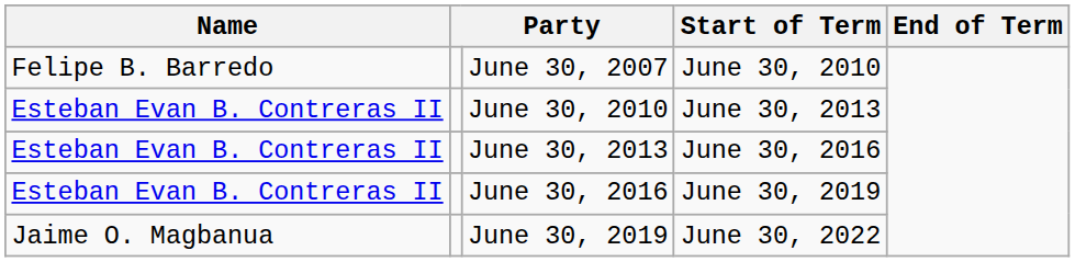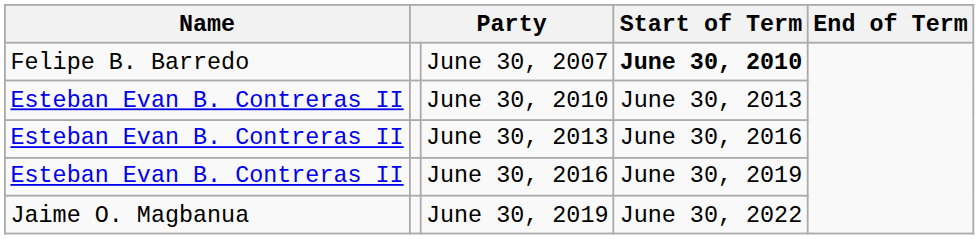 <table class=wikitable>
 <tr>
 <th>Name</th>
 <th colspan=2>Party</th>
 <th>Start of Term</th>
 <th>End of Term</th>
 </tr>
 <tr>
 <td>Felipe B. Barredo</td>
 <td></td>
 <td>June 30, 2007</td>
-<td>June 30, 2010</td>
+<td><strong>June 30, 2010</strong></td>
 </tr>
 <tr>
 <td><a href='#'>Esteban Evan B. Contreras II</a></td>
 <td></td>
 <td>June 30, 2010</td>
 <td>June 30, 2013</td>
 </tr>
 <tr>
 <td><a href='#'>Esteban Evan B. Contreras II</a></td>
 <td></td>
 <td>June 30, 2013</td>
 <td>June 30, 2016</td>
 </tr>
 <tr>
 <td><a href='#'>Esteban Evan B. Contreras II</a></td>
 <td></td>
 <td>June 30, 2016</td>
 <td>June 30, 2019</td>
 </tr>
 <tr>
 <td>Jaime O. Magbanua</td>
 <td></td>
 <td>June 30, 2019</td>
 <td>June 30, 2022</td>
 </tr>
 </table>
